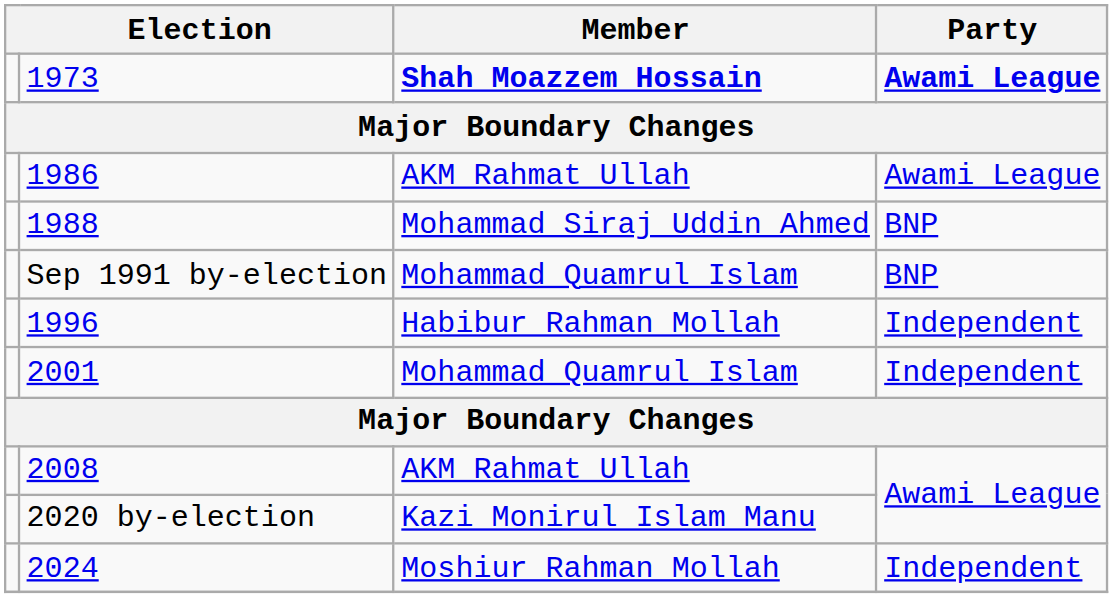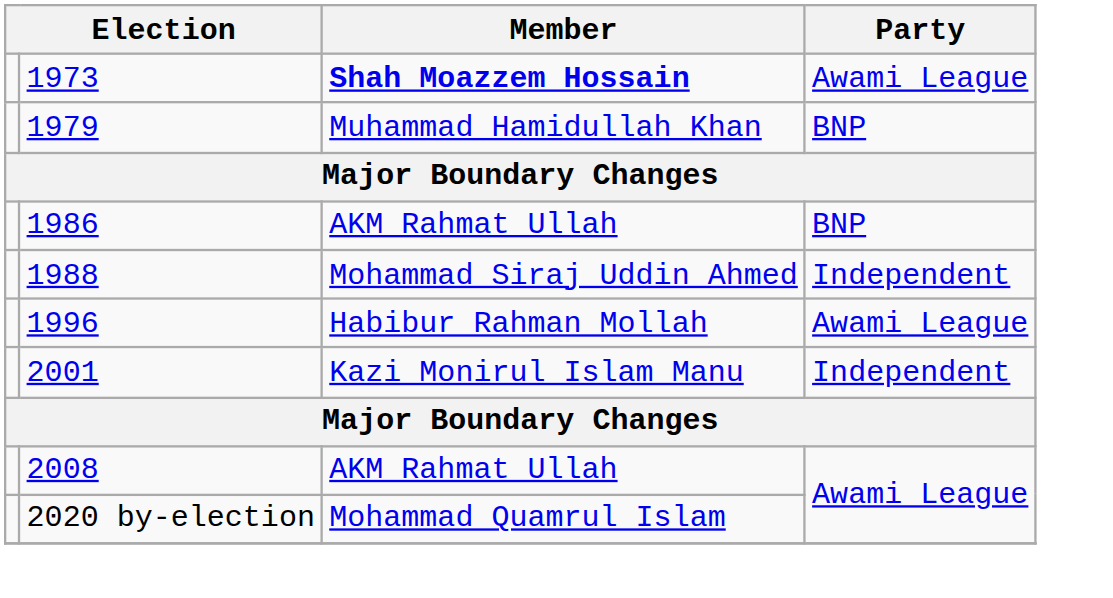 <table class="wikitable">
 <tr>
 <th colspan="2">Election</th>
 <th>Member</th>
 <th>Party</th>
 </tr>
 <tr>
 <td style="background-color:"></td>
 <td><a href='#'>1973</a></td>
 <td><strong><a href='#'>Shah Moazzem Hossain</a></strong></td>
-<td><strong><a href='#'>Awami League</a></strong></td>
+<td><a href='#'>Awami League</a></td>
+</tr>
+<tr>
+<td style="background-color:"></td>
+<td><a href='#'>1979</a></td>
+<td><a href='#'>Muhammad Hamidullah Khan</a></td>
+<td><a href='#'>BNP</a></td>
 </tr>
 <tr>
 <th colspan="4">Major Boundary Changes</th>
 </tr>
 <tr>
 <td style="background-color:"></td>
 <td><a href='#'>1986</a></td>
 <td><a href='#'>AKM Rahmat Ullah</a></td>
-<td><a href='#'>Awami League</a></td>
+<td><a href='#'>BNP</a></td>
 </tr>
 <tr>
 <td style="background-color:"></td>
 <td><a href='#'>1988</a></td>
 <td><a href='#'>Mohammad Siraj Uddin Ahmed</a></td>
-<td><a href='#'>BNP</a></td>
-</tr>
-<tr>
-<td style="background-color:"></td>
-<td>Sep 1991 by-election</td>
-<td><a href='#'>Mohammad Quamrul Islam</a></td>
-<td><a href='#'>BNP</a></td>
+<td><a href='#'>Independent</a></td>
 </tr>
 <tr>
 <td style="background-color:"></td>
 <td><a href='#'>1996</a></td>
 <td><a href='#'>Habibur Rahman Mollah</a></td>
-<td><a href='#'>Independent</a></td>
+<td><a href='#'>Awami League</a></td>
 </tr>
 <tr>
 <td style="background-color:"></td>
 <td><a href='#'>2001</a></td>
-<td><a href='#'>Mohammad Quamrul Islam</a></td>
+<td><a href='#'>Kazi Monirul Islam Manu</a></td>
 <td><a href='#'>Independent</a></td>
 </tr>
 <tr>
 <th colspan="4">Major Boundary Changes</th>
 </tr>
 <tr>
 <td style="background-color:"></td>
 <td><a href='#'>2008</a></td>
 <td><a href='#'>AKM Rahmat Ullah</a></td>
 <td rowspan="2"><a href='#'>Awami League</a></td>
 </tr>
 <tr>
 <td style="background-color:"></td>
 <td>2020 by-election</td>
-<td><a href='#'>Kazi Monirul Islam Manu</a></td>
-</tr>
-<tr>
-<td style="background-color:"></td>
-<td><a href='#'>2024</a></td>
-<td><a href='#'>Moshiur Rahman Mollah</a></td>
-<td><a href='#'>Independent</a></td>
+<td><a href='#'>Mohammad Quamrul Islam</a></td>
 </tr>
 <tr>
 </tr>
 </table>
